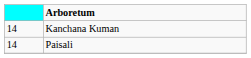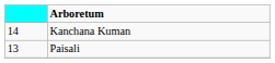 <table class= "wikitable" style= "width:30%; display:inline-table;">
 <tr>
 <td style="background:#00FFFF;"> </td>
 <td><strong>Arboretum</strong></td>
 </tr>
 <tr>
 <td>14</td>
 <td>Kanchana Kuman</td>
 </tr>
 <tr>
-<td>14</td>
+<td>13</td>
 <td>Paisali</td>
 </tr>
 <tr>
 </tr>
 </table>
